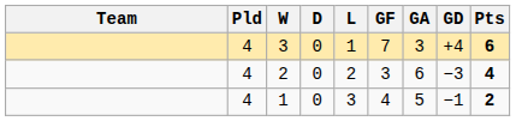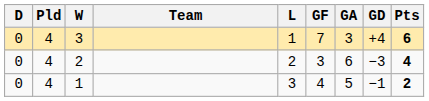 <table class="wikitable" style="text-align:center">
 <tr>
-<th width=165>Team</th>
+<th width=20>D</th>
 <th width=20>Pld</th>
 <th width=20>W</th>
-<th width=20>D</th>
+<th width=165>Team</th>
 <th width=20>L</th>
 <th width=20>GF</th>
 <th width=20>GA</th>
 <th width=20>GD</th>
 <th width=20>Pts</th>
 </tr>
 <tr bgcolor="#ffebad">
-<td align="left"></td>
+<td>0</td>
 <td>4</td>
 <td>3</td>
-<td>0</td>
+<td align="left"></td>
 <td>1</td>
 <td>7</td>
 <td>3</td>
 <td>+4</td>
 <td><strong>6</strong></td>
 </tr>
 <tr>
-<td align="left"></td>
+<td>0</td>
 <td>4</td>
 <td>2</td>
-<td>0</td>
+<td align="left"></td>
 <td>2</td>
 <td>3</td>
 <td>6</td>
 <td>−3</td>
 <td><strong>4</strong></td>
 </tr>
 <tr>
-<td align="left"></td>
+<td>0</td>
 <td>4</td>
 <td>1</td>
-<td>0</td>
+<td align="left"></td>
 <td>3</td>
 <td>4</td>
 <td>5</td>
 <td>−1</td>
 <td><strong>2</strong></td>
 </tr>
 </table>
